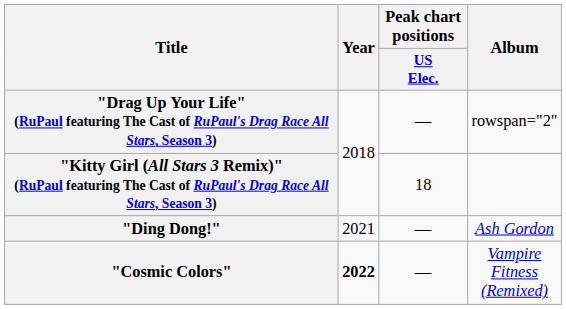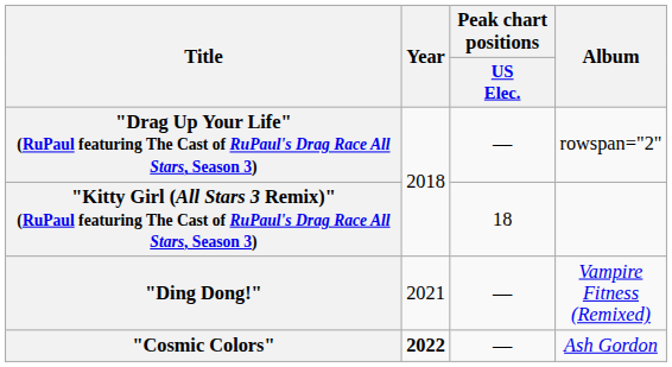 <table class="wikitable plainrowheaders" style="text-align:center;">
 <tr>
 <th rowspan="2" style="width:20em;">Title</th>
 <th rowspan="2" style="width:1em;">Year</th>
 <th colspan="1" style="width:5em;">Peak chart positions</th>
 <th rowspan="2" style="width:5em;">Album</th>
 </tr>
 <tr>
 <th scope="col" style="width:2em;font-size:90%;"><a href='#'>US<br>Elec.</a><br></th>
 </tr>
 <tr>
 <th scope="row">"Drag Up Your Life"<br><small>(<a href='#'>RuPaul</a> featuring The Cast of <a href='#'><em>RuPaul's Drag Race All Stars</em>, Season 3</a>)</small></th>
 <td rowspan="2">2018</td>
 <td>—</td>
 <td>rowspan="2" </td>
 </tr>
 <tr>
 <th scope="row">"Kitty Girl (<em>All Stars 3</em> Remix)"<br><small>(<a href='#'>RuPaul</a> featuring The Cast of <a href='#'><em>RuPaul's Drag Race All Stars</em>, Season 3</a>)</small></th>
 <td>18</td>
 </tr>
 <tr>
 <th scope="row">"Ding Dong!" </th>
 <td>2021</td>
 <td>—</td>
-<td><em><a href='#'>Ash Gordon</a></em></td>
+<td><em><a href='#'>Vampire Fitness (Remixed)</a></em></td>
 </tr>
 <tr>
 <th scope="row">"Cosmic Colors"<br></th>
 <td><strong>2022</strong></td>
 <td>—</td>
-<td><em><a href='#'>Vampire Fitness (Remixed)</a></em></td>
+<td><em><a href='#'>Ash Gordon</a></em></td>
 </tr>
 </table>
